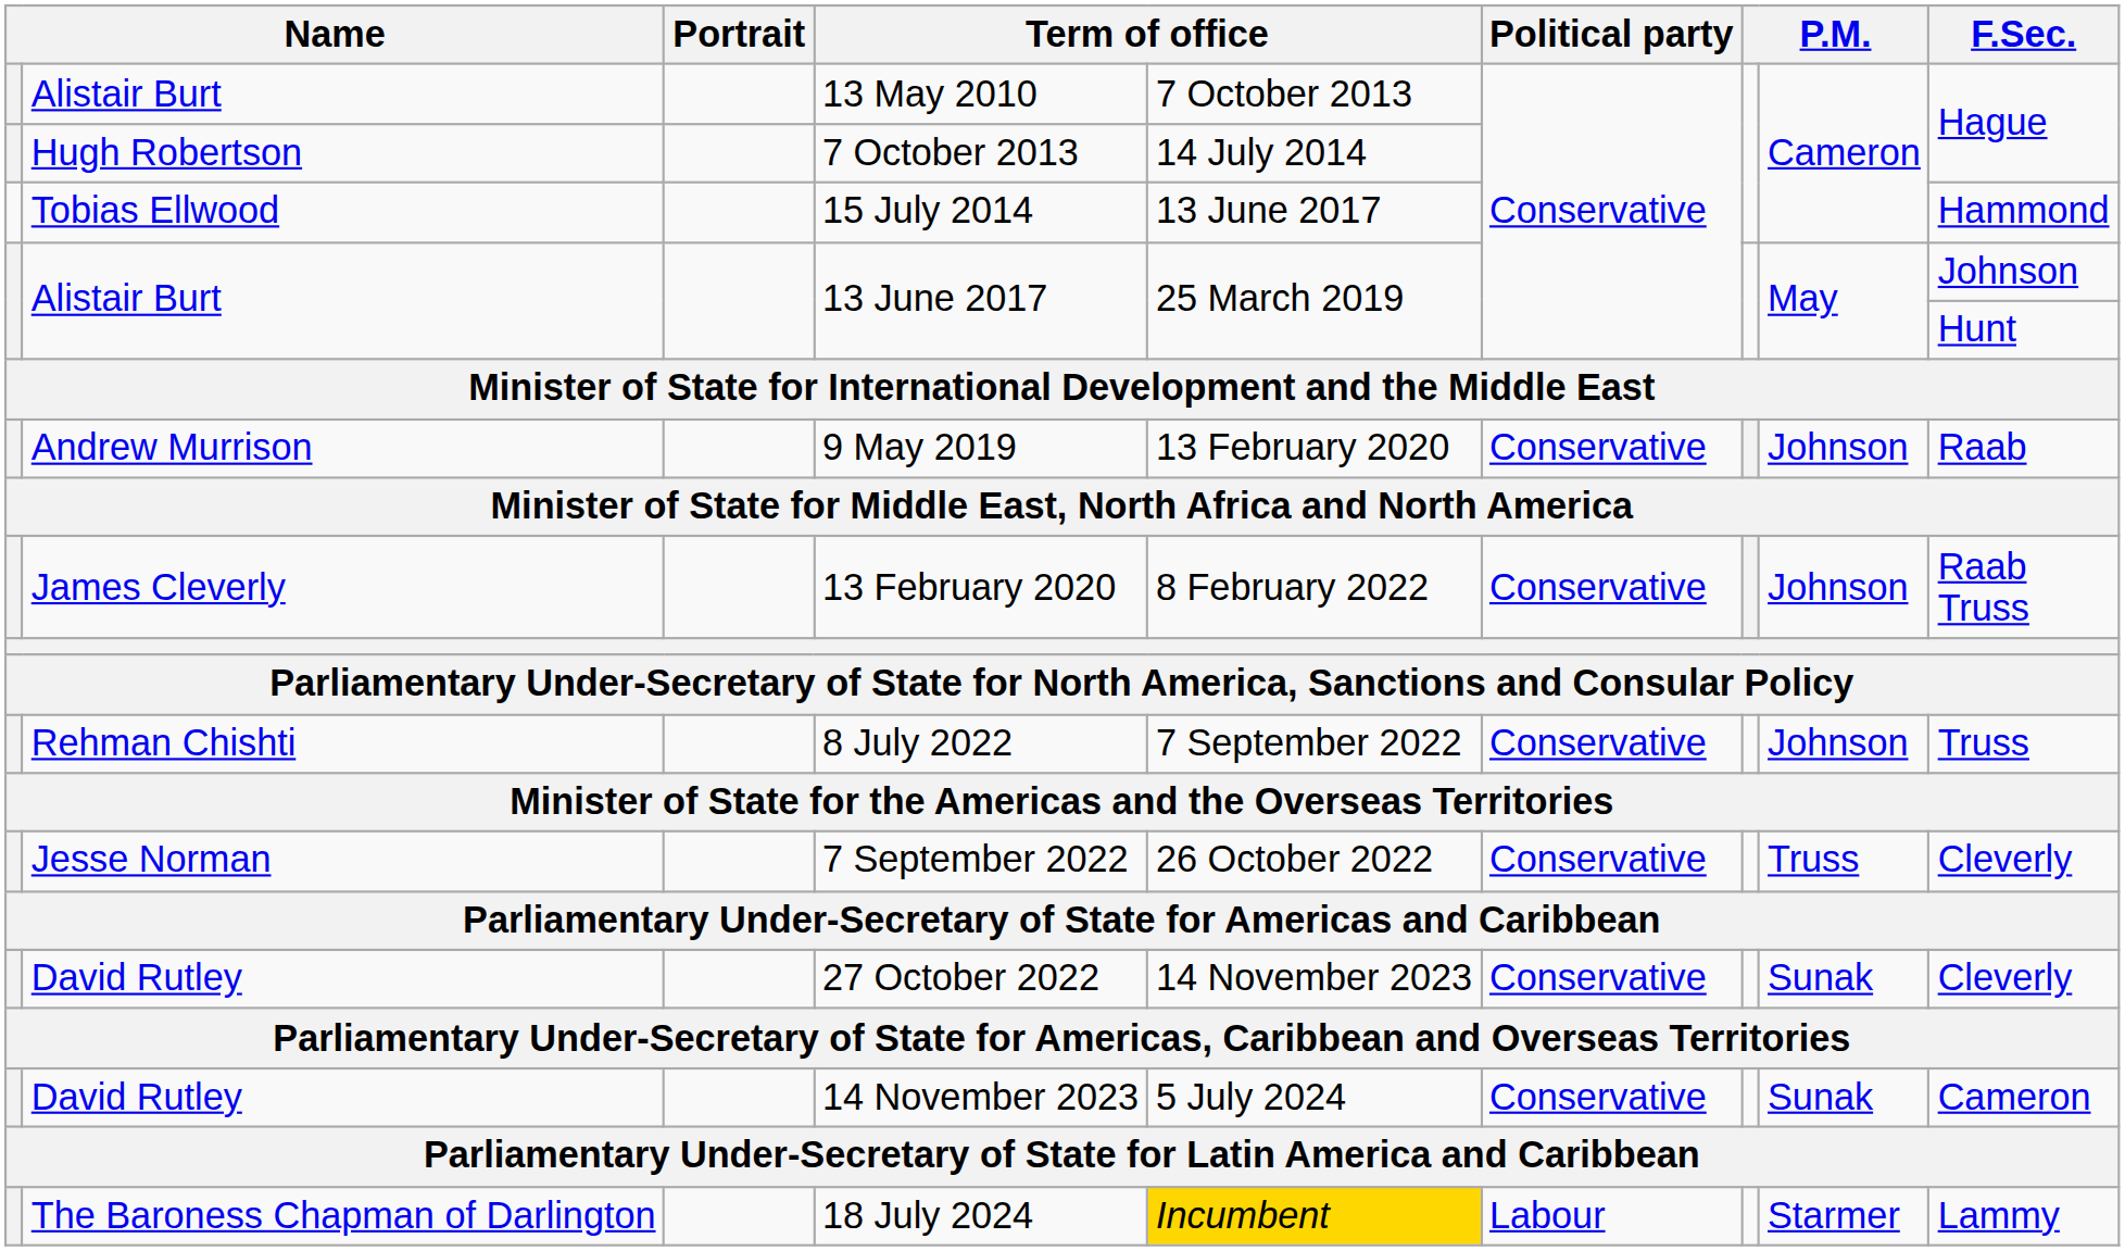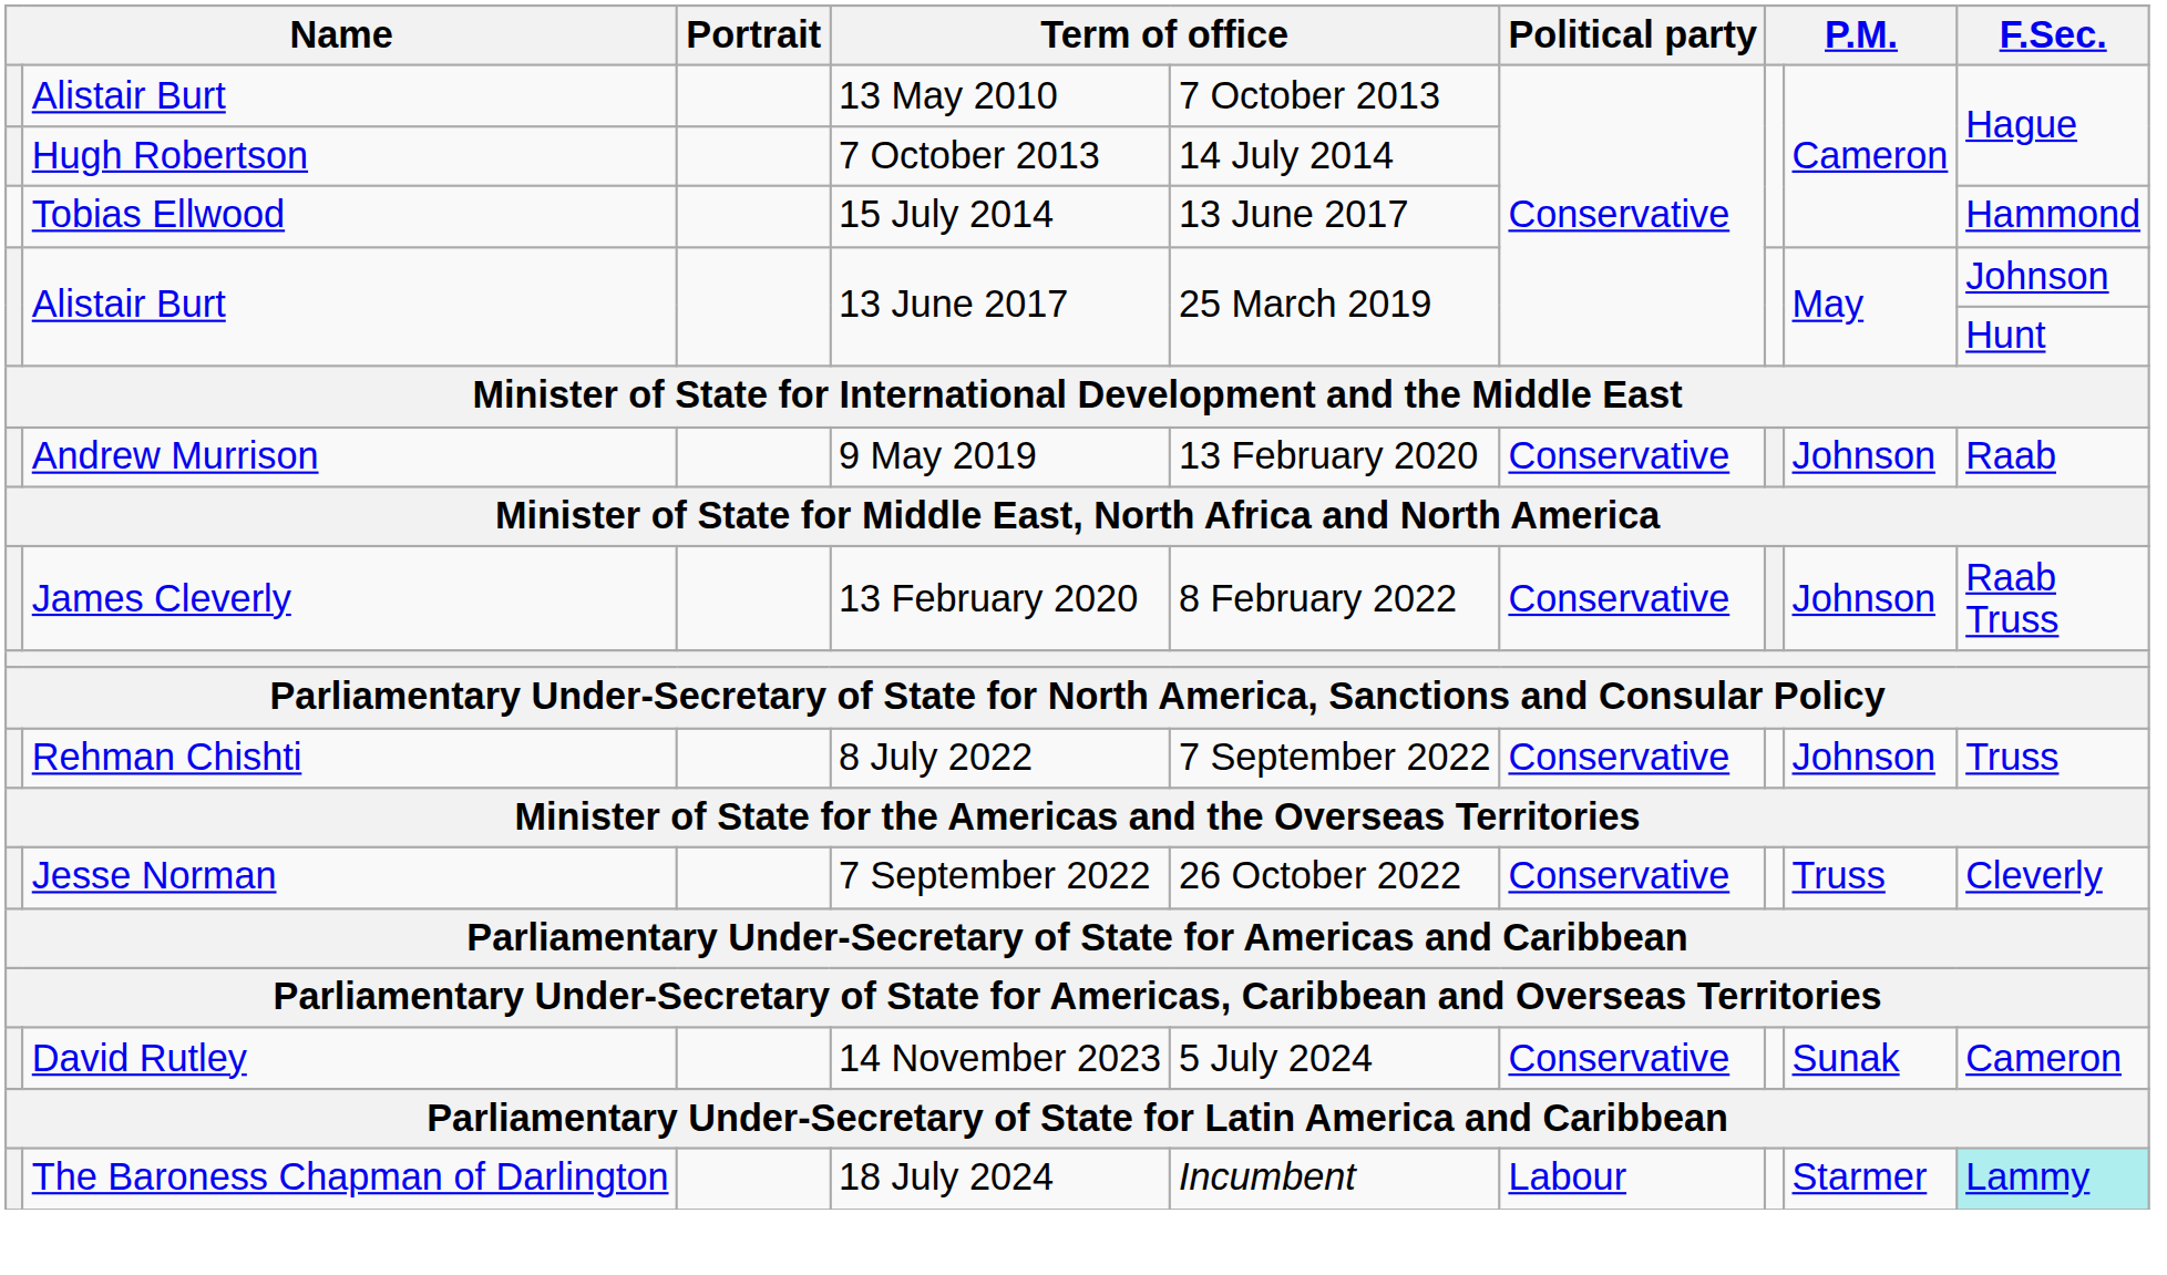 <table class="wikitable">
 <tr>
 <th colspan="2">Name</th>
 <th>Portrait</th>
 <th colspan="2">Term of office</th>
 <th>Political party</th>
 <th colspan="2"><a href='#'>P.M.</a></th>
 <th><a href='#'>F.Sec.</a></th>
 </tr>
 <tr>
 <th style="background-color: "></th>
 <td><a href='#'>Alistair Burt</a></td>
 <td></td>
 <td>13 May 2010</td>
 <td>7 October 2013</td>
 <td rowspan="6"><a href='#'>Conservative</a></td>
 <td rowspan="3" style="background-color: "></td>
 <td rowspan="3"><a href='#'>Cameron</a></td>
 <td rowspan="2"><a href='#'>Hague</a></td>
 </tr>
 <tr>
 <th style="background-color: "></th>
 <td><a href='#'>Hugh Robertson</a></td>
 <td></td>
 <td>7 October 2013</td>
 <td>14 July 2014</td>
 </tr>
 <tr>
 <td rowspan="2" style="background-color: "></td>
 <td rowspan="2"><a href='#'>Tobias Ellwood</a></td>
 <td rowspan="2"></td>
 <td rowspan="2">15 July 2014</td>
 <td rowspan="2">13 June 2017</td>
 <td><a href='#'>Hammond</a></td>
 </tr>
 <tr>
 <td rowspan="3" style="background-color: "></td>
 <td rowspan="3"><a href='#'>May</a></td>
 <td rowspan="2"><a href='#'>Johnson</a></td>
 </tr>
 <tr>
 <th rowspan="2" style="background-color: "></th>
 <td rowspan="2"><a href='#'>Alistair Burt</a></td>
 <td rowspan="2"></td>
 <td rowspan="2">13 June 2017</td>
 <td rowspan="2">25 March 2019</td>
 </tr>
 <tr>
 <td><a href='#'>Hunt</a></td>
 </tr>
 <tr>
 <th colspan="9">Minister of State for International Development and the Middle East</th>
 </tr>
 <tr>
 <th style="background-color: "></th>
 <td><a href='#'>Andrew Murrison</a></td>
 <td></td>
 <td>9 May 2019</td>
 <td>13 February 2020</td>
 <td><a href='#'>Conservative</a></td>
 <th style="background-color: "></th>
 <td><a href='#'>Johnson</a></td>
 <td><a href='#'>Raab</a></td>
 </tr>
 <tr>
 <th colspan="9">Minister of State for Middle East, North Africa and North America</th>
 </tr>
 <tr>
 <th style="background-color: "></th>
 <td><a href='#'>James Cleverly</a></td>
 <td></td>
 <td>13 February 2020</td>
 <td>8 February 2022</td>
 <td><a href='#'>Conservative</a></td>
 <th style="background-color: "></th>
 <td><a href='#'>Johnson</a></td>
 <td><a href='#'>Raab</a><br><a href='#'>Truss</a></td>
 </tr>
 <tr>
 <th colspan="9"></th>
 </tr>
 <tr>
 <th colspan="9">Parliamentary Under-Secretary of State for North America, Sanctions and Consular Policy<br></th>
 </tr>
 <tr>
 <th style="background-color: "></th>
 <td><a href='#'>Rehman Chishti</a></td>
 <td></td>
 <td>8 July 2022</td>
 <td>7 September 2022</td>
 <td><a href='#'>Conservative</a></td>
 <td style="background-color: "></td>
 <td><a href='#'>Johnson</a></td>
 <td><a href='#'>Truss</a></td>
 </tr>
 <tr>
 <th colspan="9">Minister of State for the Americas and the Overseas Territories</th>
 </tr>
 <tr>
 <th style="background-color: "></th>
 <td><a href='#'>Jesse Norman</a></td>
 <td></td>
 <td>7 September 2022</td>
 <td>26 October 2022</td>
 <td><a href='#'>Conservative</a></td>
 <td style="background-color: "></td>
 <td><a href='#'>Truss</a></td>
 <td><a href='#'>Cleverly</a></td>
 </tr>
 <tr>
 <th colspan="9">Parliamentary Under-Secretary of State for Americas and Caribbean</th>
 </tr>
 <tr>
-<th style="background-color: "></th>
-<td><a href='#'>David Rutley</a></td>
-<td></td>
-<td>27 October 2022</td>
-<td>14 November 2023</td>
-<td><a href='#'>Conservative</a></td>
-<td style="background-color: "></td>
-<td><a href='#'>Sunak</a></td>
-<td><a href='#'>Cleverly</a></td>
-</tr>
-<tr>
 <th colspan="9">Parliamentary Under-Secretary of State for Americas, Caribbean and Overseas Territories</th>
 </tr>
 <tr>
 <th style="background-color: "></th>
 <td><a href='#'>David Rutley</a></td>
 <td></td>
 <td>14 November 2023</td>
 <td>5 July 2024</td>
 <td><a href='#'>Conservative</a></td>
 <td style="background-color: "></td>
 <td><a href='#'>Sunak</a></td>
 <td><a href='#'>Cameron</a></td>
 </tr>
 <tr>
 <th colspan="9">Parliamentary Under-Secretary of State for Latin America and Caribbean</th>
 </tr>
 <tr>
 <th style="background-color: "></th>
 <td><a href='#'>The Baroness Chapman of Darlington</a></td>
 <td></td>
 <td>18 July 2024</td>
-<td style="background: gold;"><em>Incumbent</em></td>
+<td><em>Incumbent</em></td>
 <td><a href='#'>Labour</a></td>
 <td style="background-color: "></td>
 <td><a href='#'>Starmer</a></td>
-<td><a href='#'>Lammy</a></td>
+<td style="background: paleturquoise;"><a href='#'>Lammy</a></td>
 </tr>
 </table>
